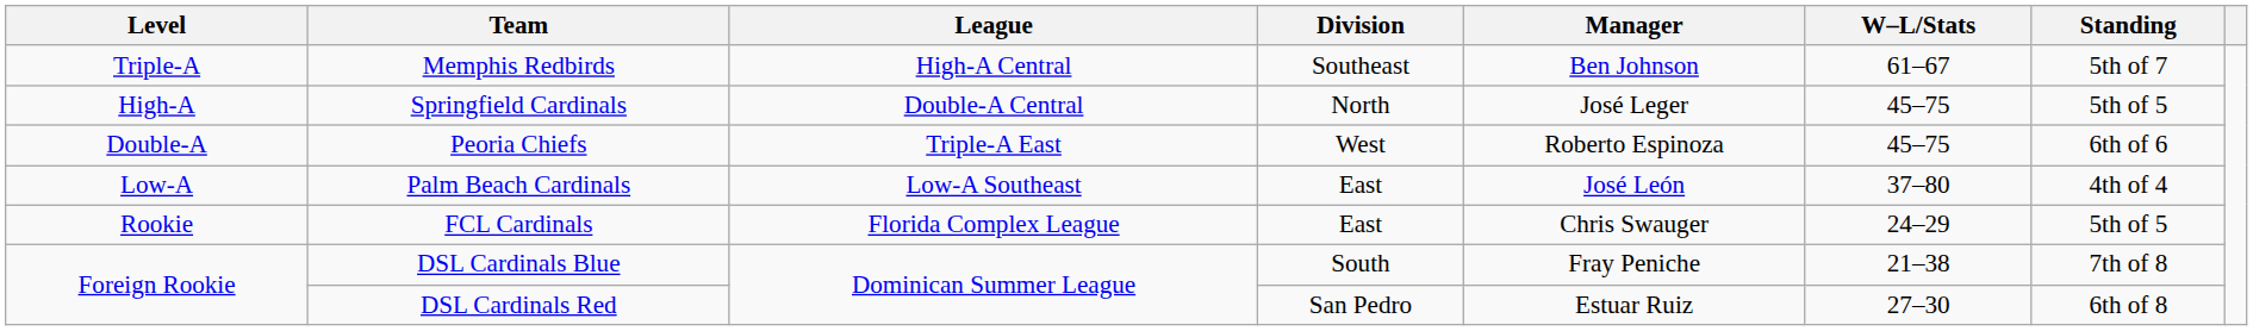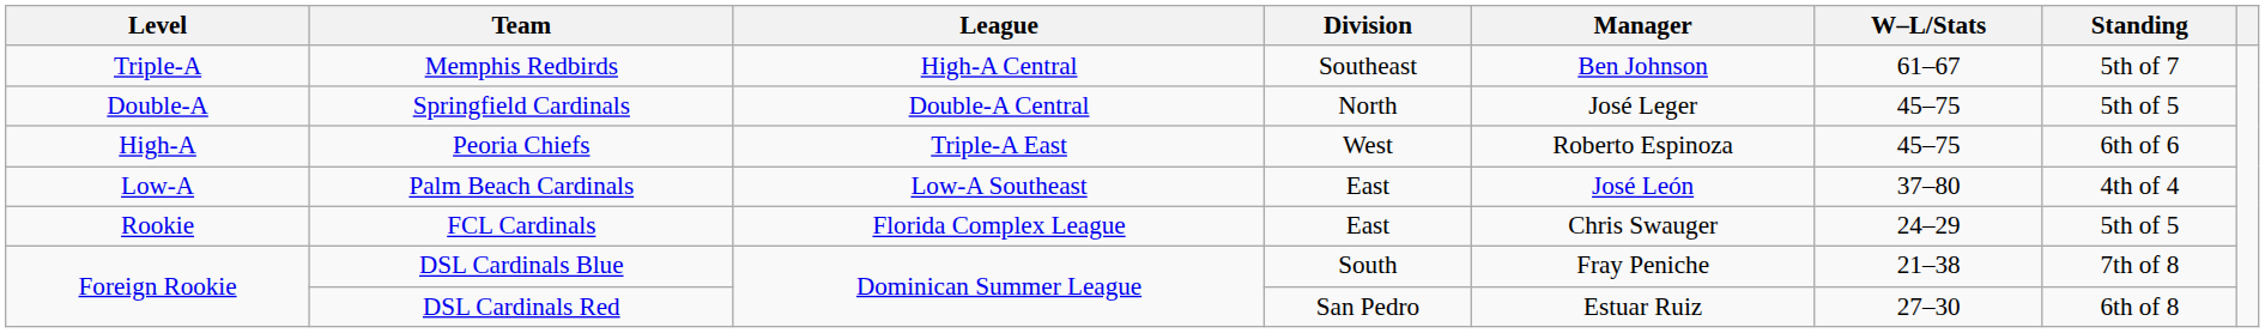 <table class="wikitable" style="width:90%; text-align:center;">
 <tr>
 <th>Level</th>
 <th>Team</th>
 <th>League</th>
 <th>Division</th>
 <th>Manager</th>
 <th>W–L/Stats</th>
 <th>Standing</th>
 <th></th>
 </tr>
 <tr>
 <td><a href='#'>Triple-A</a></td>
 <td><a href='#'>Memphis Redbirds</a></td>
 <td><a href='#'>High-A Central</a></td>
 <td>Southeast</td>
 <td><a href='#'>Ben Johnson</a></td>
 <td>61–67</td>
 <td>5th of 7</td>
 <td rowspan=7></td>
 </tr>
 <tr>
-<td><a href='#'>High-A</a></td>
+<td><a href='#'>Double-A</a></td>
 <td><a href='#'>Springfield Cardinals</a></td>
 <td><a href='#'>Double-A Central</a></td>
 <td>North</td>
 <td>José Leger</td>
 <td>45–75</td>
 <td>5th of 5</td>
 </tr>
 <tr>
-<td><a href='#'>Double-A</a></td>
+<td><a href='#'>High-A</a></td>
 <td><a href='#'>Peoria Chiefs</a></td>
 <td><a href='#'>Triple-A East</a></td>
 <td>West</td>
 <td>Roberto Espinoza</td>
 <td>45–75</td>
 <td>6th of 6</td>
 </tr>
 <tr>
 <td><a href='#'>Low-A</a></td>
 <td><a href='#'>Palm Beach Cardinals</a></td>
 <td><a href='#'>Low-A Southeast</a></td>
 <td>East</td>
 <td><a href='#'>José León</a></td>
 <td>37–80</td>
 <td>4th of 4</td>
 </tr>
 <tr>
 <td><a href='#'>Rookie</a></td>
 <td><a href='#'>FCL Cardinals</a></td>
 <td><a href='#'>Florida Complex League</a></td>
 <td>East</td>
 <td>Chris Swauger</td>
 <td>24–29</td>
 <td>5th of 5</td>
 </tr>
 <tr>
 <td rowspan=2><a href='#'>Foreign Rookie</a></td>
 <td><a href='#'>DSL Cardinals Blue</a></td>
 <td rowspan=2><a href='#'>Dominican Summer League</a></td>
 <td>South</td>
 <td>Fray Peniche</td>
 <td>21–38</td>
 <td>7th of 8</td>
 </tr>
 <tr>
 <td><a href='#'>DSL Cardinals Red</a></td>
 <td>San Pedro</td>
 <td>Estuar Ruiz</td>
 <td>27–30</td>
 <td>6th of 8</td>
 </tr>
 </table>
